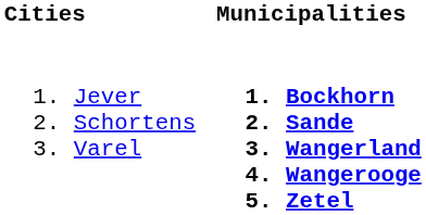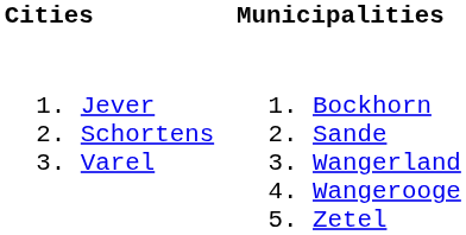 <table>
 <tr>
 <th align=left width=50%>Cities</th>
 <th align=left width=50%>Municipalities</th>
 </tr>
 <tr valign=top>
 <td><br><ol><li><a href='#'>Jever</a></li><li><a href='#'>Schortens</a></li><li><a href='#'>Varel</a></li></ol></td>
-<td><strong><br><ol><li><a href='#'>Bockhorn</a></li><li><a href='#'>Sande</a></li><li><a href='#'>Wangerland</a></li><li><a href='#'>Wangerooge</a></li><li><a href='#'>Zetel</a></li></ol></strong></td>
+<td><br><ol><li><a href='#'>Bockhorn</a></li><li><a href='#'>Sande</a></li><li><a href='#'>Wangerland</a></li><li><a href='#'>Wangerooge</a></li><li><a href='#'>Zetel</a></li></ol></td>
 </tr>
 </table>
